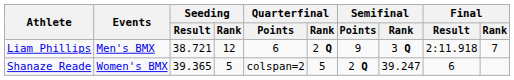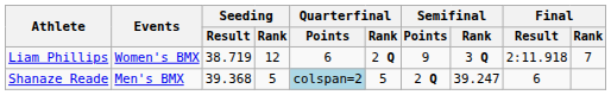 <table class=wikitable style="text-align:center; font-size:90%;">
 <tr>
 <th rowspan="2">Athlete</th>
 <th rowspan="2">Events</th>
 <th colspan="2">Seeding</th>
 <th colspan="2">Quarterfinal</th>
 <th colspan="2">Semifinal</th>
 <th colspan="2">Final</th>
 </tr>
 <tr style="font-size:95%">
 <th>Result</th>
 <th>Rank</th>
 <th>Points</th>
 <th>Rank</th>
 <th>Points</th>
 <th>Rank</th>
 <th>Result</th>
 <th>Rank</th>
 </tr>
 <tr>
 <td style="text-align:left;"><a href='#'>Liam Phillips</a></td>
-<td style="text-align:left;"><a href='#'>Men's BMX</a></td>
-<td>38.721</td>
+<td style="text-align:left;"><a href='#'>Women's BMX</a></td>
+<td>38.719</td>
 <td>12</td>
 <td>6</td>
 <td>2 <strong>Q</strong></td>
 <td>9</td>
 <td>3 <strong>Q</strong></td>
 <td>2:11.918</td>
 <td>7</td>
 </tr>
 <tr>
 <td style="text-align:left;"><a href='#'>Shanaze Reade</a></td>
-<td style="text-align:left;"><a href='#'>Women's BMX</a></td>
-<td>39.365</td>
+<td style="text-align:left;"><a href='#'>Men's BMX</a></td>
+<td>39.368</td>
 <td>5</td>
-<td>colspan=2 </td>
+<td style="background: lightblue;">colspan=2 </td>
 <td>5</td>
 <td>2 <strong>Q</strong></td>
 <td>39.247</td>
 <td>6</td>
 </tr>
 </table>
